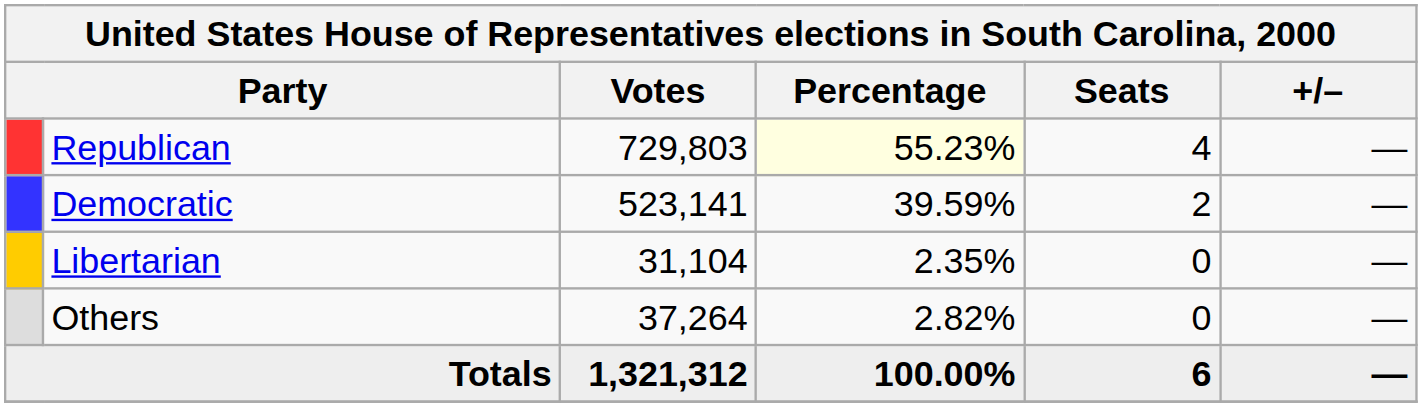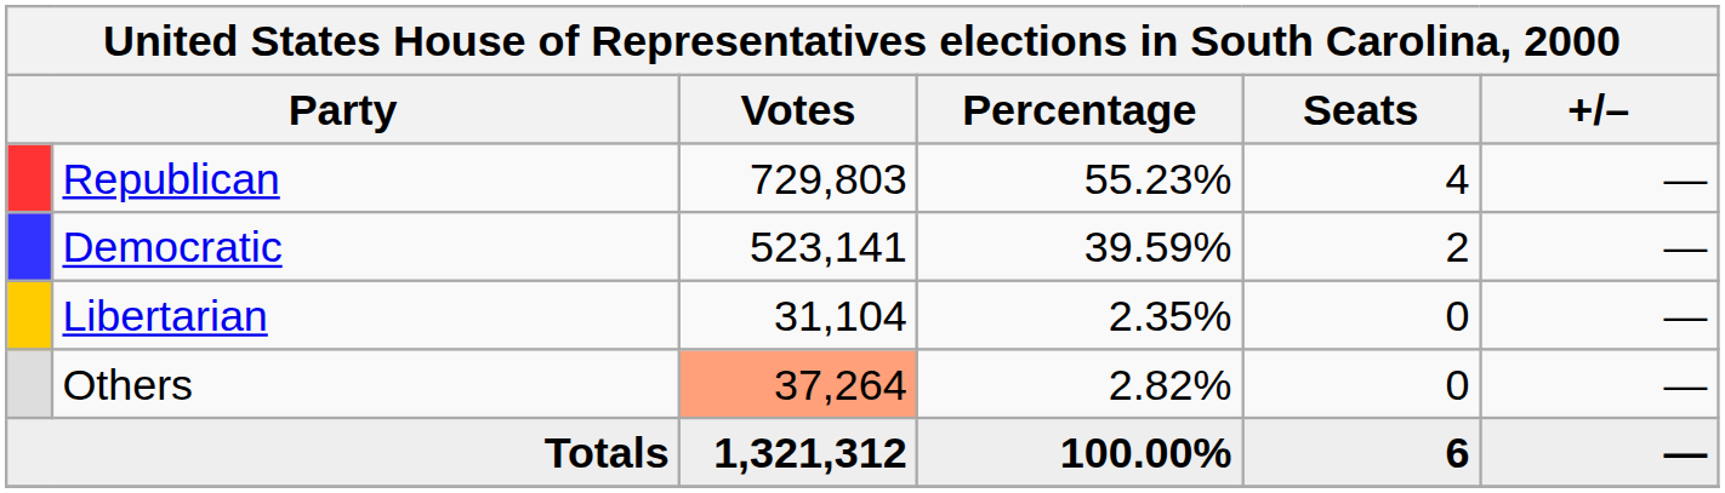 <table class="wikitable" style="font-size: 95%;">
 <tr>
 <th colspan="6">United States House of Representatives elections in South Carolina, 2000</th>
 </tr>
 <tr>
 <th colspan=2 style="width: 15em">Party</th>
 <th style="width: 5em">Votes</th>
 <th style="width: 7em">Percentage</th>
 <th style="width: 5em">Seats</th>
 <th style="width: 5em">+/–</th>
 </tr>
 <tr>
 <th style="background-color:#FF3333; width: 3px"></th>
 <td style="width: 130px"><a href='#'>Republican</a></td>
 <td align="right">729,803</td>
-<td align="right" style="background: lightyellow;">55.23%</td>
+<td align="right">55.23%</td>
 <td align="right">4</td>
 <td align="right">—</td>
 </tr>
 <tr>
 <th style="background-color:#3333FF; width: 3px"></th>
 <td style="width: 130px"><a href='#'>Democratic</a></td>
 <td align="right">523,141</td>
 <td align="right">39.59%</td>
 <td align="right">2</td>
 <td align="right">—</td>
 </tr>
 <tr>
 <th style="background-color:#FFCC00; width: 3px"></th>
 <td style="width: 130px"><a href='#'>Libertarian</a></td>
 <td align="right">31,104</td>
 <td align="right">2.35%</td>
 <td align="right">0</td>
 <td align="right">—</td>
 </tr>
 <tr>
 <th style="background-color:#DDDDDD; width: 3px"></th>
 <td style="width: 130px">Others</td>
-<td align="right">37,264</td>
+<td align="right" style="background: lightsalmon;">37,264</td>
 <td align="right">2.82%</td>
 <td align="right">0</td>
 <td align="right">—</td>
 </tr>
 <tr bgcolor="#EEEEEE">
 <td colspan="2" align="right"><strong>Totals</strong></td>
 <td align="right"><strong>1,321,312</strong></td>
 <td align="right"><strong>100.00%</strong></td>
 <td align="right"><strong>6</strong></td>
 <td align="right"><strong>—</strong></td>
 </tr>
 <tr bgcolor="#EEEEEE">
 </tr>
 </table>
